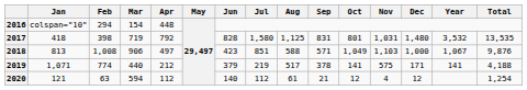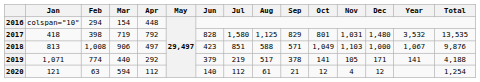 <table class="wikitable" style="font-size: 90%; text-align: center">
 <tr>
 <th></th>
 <th width="40px">Jan</th>
 <th width="40px">Feb</th>
 <th width="40px">Mar</th>
 <th width="40px">Apr</th>
 <th width="40px">May</th>
 <th width="40px">Jun</th>
 <th width="40px">Jul</th>
 <th width="40px">Aug</th>
 <th width="40px">Sep</th>
 <th width="40px">Oct</th>
 <th width="40px">Nov</th>
 <th width="40px">Dec</th>
 <th width="60px">Year</th>
 <th width="60px">Total</th>
 </tr>
 <tr>
 <th>2016</th>
 <td>colspan="10" </td>
 <td>294</td>
 <td>154</td>
 <td>448</td>
 <th rowspan="5">29,497</th>
 </tr>
 <tr>
 <th>2017</th>
 <td>418</td>
 <td>398</td>
 <td>719</td>
 <td>792</td>
 <td>828</td>
 <td>1,580</td>
 <td>1,125</td>
-<td>831</td>
+<td>829</td>
 <td>801</td>
 <td>1,031</td>
 <td>1,480</td>
 <td>3,532</td>
 <td>13,535</td>
 </tr>
 <tr>
 <th>2018</th>
 <td>813</td>
 <td>1,008</td>
 <td>906</td>
 <td>497</td>
 <td>423</td>
 <td>851</td>
 <td>588</td>
 <td>571</td>
 <td>1,049</td>
 <td>1,103</td>
 <td>1,000</td>
 <td>1,067</td>
 <td>9,876</td>
 </tr>
 <tr>
 <th>2019</th>
 <td>1,071</td>
 <td>774</td>
 <td>440</td>
-<td>212</td>
+<td>292</td>
 <td>379</td>
 <td>219</td>
 <td>517</td>
 <td>378</td>
 <td>141</td>
-<td>575</td>
+<td>105</td>
 <td>171</td>
 <td>141</td>
 <td>4,188</td>
 </tr>
 <tr>
 <th>2020</th>
 <td>121</td>
 <td>63</td>
 <td>594</td>
 <td>112</td>
 <td>140</td>
 <td>112</td>
 <td>61</td>
 <td>21</td>
 <td>12</td>
 <td>4</td>
 <td>12</td>
 <td></td>
 <td>1,254</td>
 </tr>
 </table>
